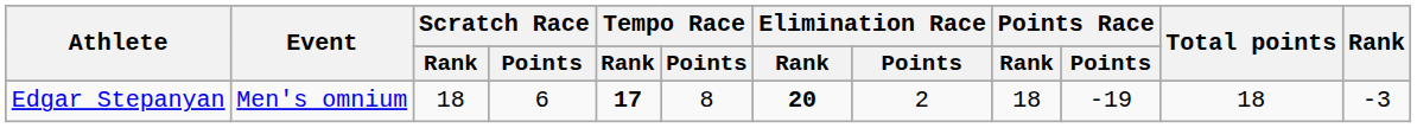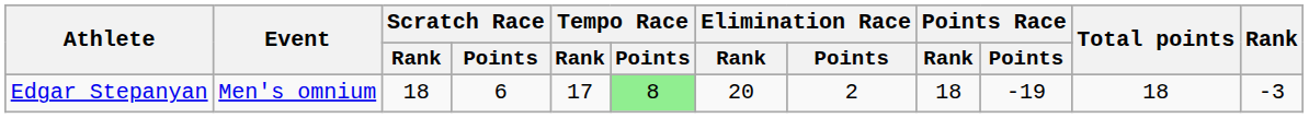 <table class="wikitable" style="font-size:90%">
 <tr>
 <th rowspan="2">Athlete</th>
 <th rowspan="2">Event</th>
 <th colspan=2>Scratch Race</th>
 <th colspan=2>Tempo Race</th>
 <th colspan=2>Elimination Race</th>
 <th colspan=2>Points Race</th>
 <th rowspan=2>Total points</th>
 <th rowspan=2>Rank</th>
 </tr>
 <tr style="font-size:95%">
 <th>Rank</th>
 <th>Points</th>
 <th>Rank</th>
 <th>Points</th>
 <th>Rank</th>
 <th>Points</th>
 <th>Rank</th>
 <th>Points</th>
 </tr>
 <tr align=center>
 <td align=left><a href='#'>Edgar Stepanyan</a></td>
 <td align=left><a href='#'>Men's omnium</a></td>
 <td>18</td>
 <td>6</td>
-<td><strong>17</strong></td>
-<td>8</td>
-<td><strong>20</strong></td>
+<td>17</td>
+<td style="background: lightgreen;">8</td>
+<td>20</td>
 <td>2</td>
 <td>18</td>
 <td>-19</td>
 <td>18</td>
 <td>-3</td>
 </tr>
 </table>
